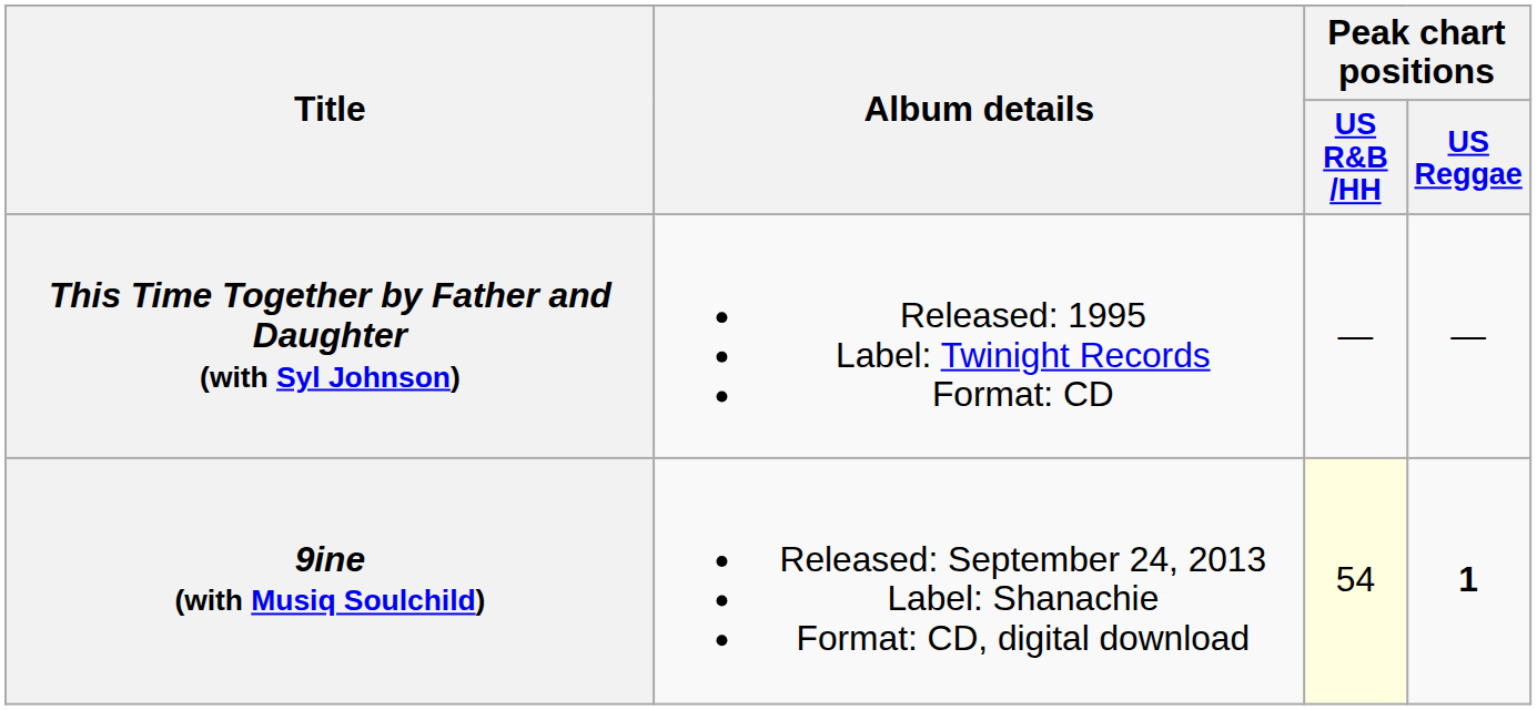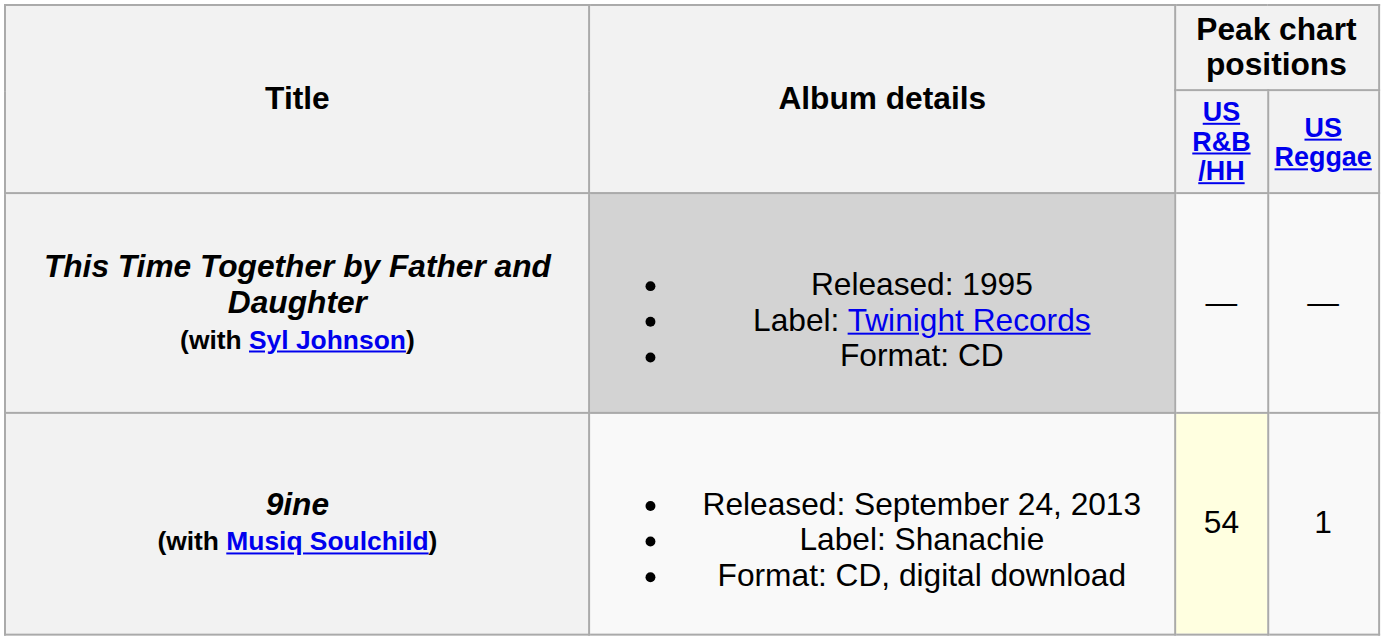 <table class="wikitable plainrowheaders" style="text-align:center;" border="1">
 <tr>
 <th scope="col" rowspan="2" style="width:18em;">Title</th>
 <th scope="col" rowspan="2" style="width:18em;">Album details</th>
 <th scope="col" colspan="2">Peak chart positions</th>
 </tr>
 <tr>
 <th scope="col" style="width:3em;font-size:85%;"><a href='#'>US<br>R&B<br>/HH</a><br></th>
 <th scope="col" style="width:3em;font-size:85%;"><a href='#'>US<br>Reggae</a><br></th>
 </tr>
 <tr>
 <th scope="row"><em>This Time Together by Father and Daughter</em> <br><small>(with <a href='#'>Syl Johnson</a>)</small></th>
-<td><br><ul><li>Released: 1995</li><li>Label: <a href='#'>Twinight Records</a></li><li>Format: CD</li></ul></td>
+<td style="background: lightgrey;"><br><ul><li>Released: 1995</li><li>Label: <a href='#'>Twinight Records</a></li><li>Format: CD</li></ul></td>
 <td>—</td>
 <td>—</td>
 </tr>
 <tr>
 <th scope="row"><em>9ine</em> <br><small>(with <a href='#'>Musiq Soulchild</a>)</small></th>
 <td><br><ul><li>Released: September 24, 2013</li><li>Label: Shanachie</li><li>Format: CD, digital download</li></ul></td>
 <td style="background: lightyellow;">54</td>
-<td><strong>1</strong></td>
+<td>1</td>
 </tr>
 </table>
